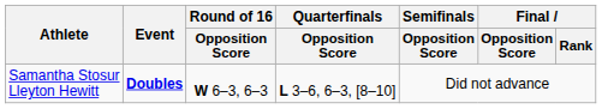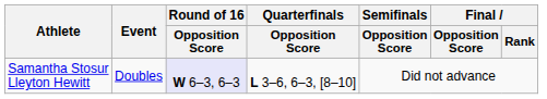 <table class=wikitable style="font-size:90%">
 <tr>
 <th rowspan="2">Athlete</th>
 <th rowspan="2">Event</th>
 <th>Round of 16</th>
 <th>Quarterfinals</th>
 <th>Semifinals</th>
 <th colspan=2>Final / </th>
 </tr>
 <tr style="font-size:95%">
 <th>Opposition<br>Score</th>
 <th>Opposition<br>Score</th>
 <th>Opposition<br>Score</th>
 <th>Opposition<br>Score</th>
 <th>Rank</th>
 </tr>
 <tr align=center>
 <td align=left><a href='#'>Samantha Stosur</a> <br> <a href='#'>Lleyton Hewitt</a></td>
-<td align=left><strong><a href='#'>Doubles</a></strong></td>
-<td> <br> <strong>W</strong> 6–3, 6–3</td>
+<td align=left><a href='#'>Doubles</a></td>
+<td style="background: lavender;"> <br> <strong>W</strong> 6–3, 6–3</td>
 <td> <br> <strong>L</strong> 3–6, 6–3, [8–10]</td>
 <td colspan=5>Did not advance</td>
 </tr>
 </table>
